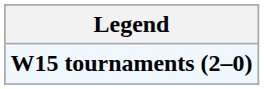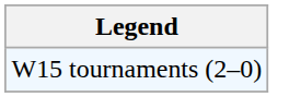 <table class="wikitable" style=font-size:85%>
 <tr>
 <th>Legend</th>
 </tr>
 <tr style="background:#f0f8ff;">
-<td><strong>W15 tournaments (2–0)</strong></td>
+<td>W15 tournaments (2–0)</td>
 </tr>
 </table>
